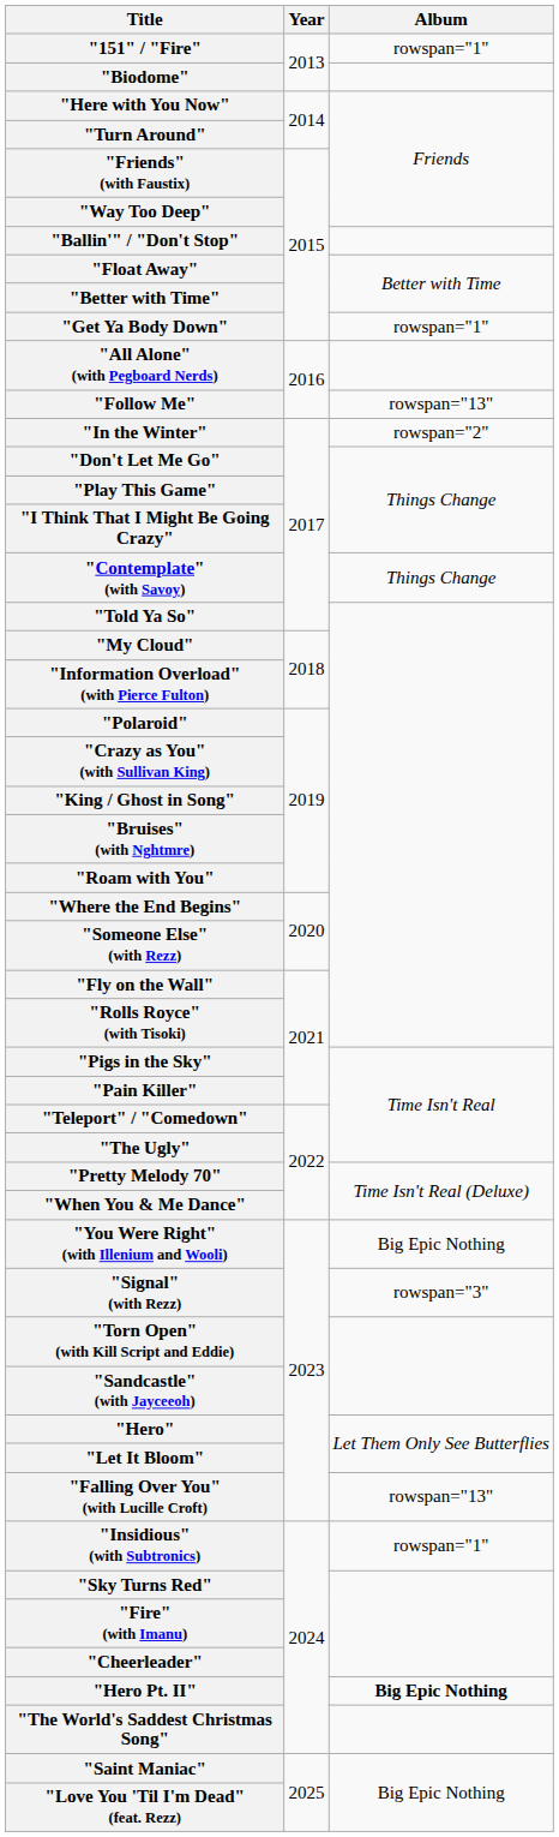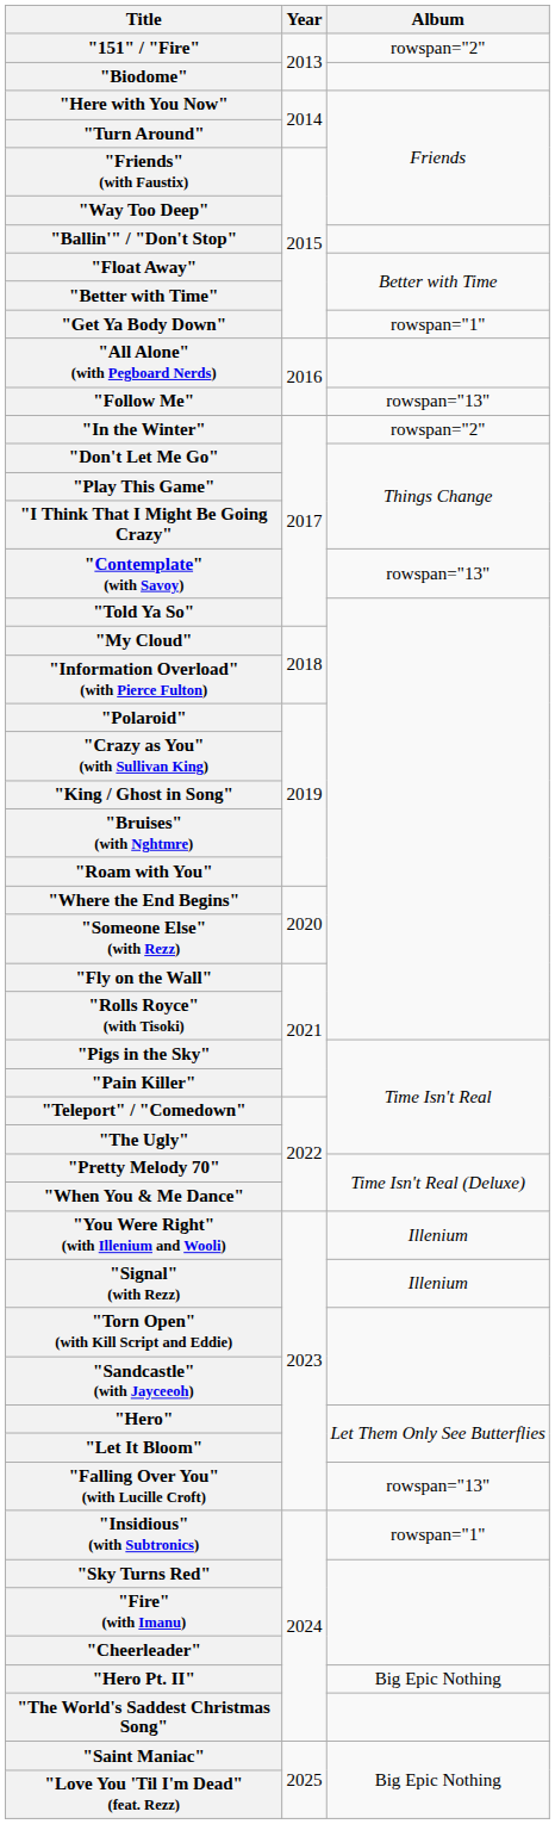 <table class="wikitable plainrowheaders" style="text-align:center;">
 <tr>
 <th scope="col" style="width:15em;">Title</th>
 <th scope="col">Year</th>
 <th scope="col" style="width:12em;">Album</th>
 </tr>
 <tr>
 <th scope="row">"151" / "Fire"</th>
 <td rowspan="2">2013</td>
-<td>rowspan="1" </td>
+<td>rowspan="2" </td>
 </tr>
 <tr>
 <th scope="row">"Biodome"</th>
 </tr>
 <tr>
 <th scope="row">"Here with You Now"</th>
 <td rowspan="2">2014</td>
 <td rowspan="4"><em>Friends</em></td>
 </tr>
 <tr>
 <th scope="row">"Turn Around"</th>
 </tr>
 <tr>
 <th scope="row">"Friends"<br><small>(with Faustix)</small></th>
 <td rowspan="6">2015</td>
 </tr>
 <tr>
 <th scope="row">"Way Too Deep"</th>
 </tr>
 <tr>
 <th scope="row">"Ballin'" / "Don't Stop"</th>
 <td></td>
 </tr>
 <tr>
 <th scope="row">"Float Away"</th>
 <td rowspan="2"><em>Better with Time</em></td>
 </tr>
 <tr>
 <th scope="row">"Better with Time"</th>
 </tr>
 <tr>
 <th scope="row">"Get Ya Body Down"</th>
 <td>rowspan="1" </td>
 </tr>
 <tr>
 <th scope="row">"All Alone"<br><small>(with <a href='#'>Pegboard Nerds</a>)</small></th>
 <td rowspan="2">2016</td>
 </tr>
 <tr>
 <th scope="row">"Follow Me"</th>
 <td>rowspan="13" </td>
 </tr>
 <tr>
 <th scope="row">"In the Winter"</th>
 <td rowspan="6">2017</td>
 <td>rowspan="2" </td>
 </tr>
 <tr>
 <th scope="row">"Don't Let Me Go"</th>
 <td rowspan="3"><em>Things Change</em></td>
 </tr>
 <tr>
 <th scope="row">"Play This Game"</th>
 </tr>
 <tr>
 <th scope="row">"I Think That I Might Be Going Crazy"</th>
 </tr>
 <tr>
 <th scope="row">"<a href='#'>Contemplate</a>"<br><small>(with <a href='#'>Savoy</a>)</small></th>
-<td><em>Things Change</em></td>
+<td>rowspan="13" </td>
 </tr>
 <tr>
 <th scope="row">"Told Ya So"</th>
 </tr>
 <tr>
 <th scope="row">"My Cloud"</th>
 <td rowspan="2">2018</td>
 </tr>
 <tr>
 <th scope="row">"Information Overload"<br><small>(with <a href='#'>Pierce Fulton</a>)</small></th>
 </tr>
 <tr>
 <th scope="row">"Polaroid"</th>
 <td rowspan="5">2019</td>
 </tr>
 <tr>
 <th scope="row">"Crazy as You"<br><small>(with <a href='#'>Sullivan King</a>)</small></th>
 </tr>
 <tr>
 <th scope="row">"King / Ghost in Song"</th>
 </tr>
 <tr>
 <th scope="row">"Bruises"<br><small>(with <a href='#'>Nghtmre</a>)</small></th>
 </tr>
 <tr>
 <th scope="row">"Roam with You"</th>
 </tr>
 <tr>
 <th scope="row">"Where the End Begins"</th>
 <td rowspan="2">2020</td>
 </tr>
 <tr>
 <th scope="row">"Someone Else"<br><small>(with <a href='#'>Rezz</a>)</small></th>
 </tr>
 <tr>
 <th scope="row">"Fly on the Wall"</th>
 <td rowspan="4">2021</td>
 </tr>
 <tr>
 <th scope="row">"Rolls Royce"<br><small>(with Tisoki)</small></th>
 </tr>
 <tr>
 <th scope="row">"Pigs in the Sky"</th>
 <td rowspan="4"><em>Time Isn't Real</em></td>
 </tr>
 <tr>
 <th scope="row">"Pain Killer"</th>
 </tr>
 <tr>
 <th scope="row">"Teleport" / "Comedown"</th>
 <td rowspan="4">2022</td>
 </tr>
 <tr>
 <th scope="row">"The Ugly"</th>
 </tr>
 <tr>
 <th scope="row">"Pretty Melody 70"</th>
 <td rowspan="2"><em>Time Isn't Real (Deluxe)</em></td>
 </tr>
 <tr>
 <th scope="row">"When You & Me Dance"</th>
 </tr>
 <tr>
 <th scope="row">"You Were Right"<br><small>(with <a href='#'>Illenium</a> and <a href='#'>Wooli</a>)</small></th>
 <td rowspan="7">2023</td>
-<td>Big Epic Nothing</td>
+<td><em>Illenium</em></td>
 </tr>
 <tr>
 <th scope="row">"Signal"<br><small>(with Rezz)</small></th>
-<td>rowspan="3" </td>
+<td><em>Illenium</em></td>
 </tr>
 <tr>
 <th scope="row">"Torn Open"<br><small>(with Kill Script and Eddie)</small></th>
 </tr>
 <tr>
 <th scope="row">"Sandcastle"<br><small>(with <a href='#'>Jayceeoh</a>)</small></th>
 </tr>
 <tr>
 <th scope="row">"Hero"</th>
 <td rowspan="2"><em>Let Them Only See Butterflies</em></td>
 </tr>
 <tr>
 <th scope="row">"Let It Bloom"</th>
 </tr>
 <tr>
 <th scope="row">"Falling Over You"<br><small>(with Lucille Croft)</small></th>
 <td>rowspan="13" </td>
 </tr>
 <tr>
 <th scope="row">"Insidious"<br><small>(with <a href='#'>Subtronics</a>)</small></th>
 <td rowspan="6">2024</td>
 <td>rowspan="1" </td>
 </tr>
 <tr>
 <th scope="row">"Sky Turns Red"</th>
 </tr>
 <tr>
 <th scope="row">"Fire"<br><small>(with <a href='#'>Imanu</a>)</small></th>
 </tr>
 <tr>
 <th scope="row">"Cheerleader"</th>
 </tr>
 <tr>
 <th scope="row">"Hero Pt. II"</th>
-<td><strong>Big Epic Nothing</strong></td>
+<td>Big Epic Nothing</td>
 </tr>
 <tr>
 <th scope="row">"The World's Saddest Christmas Song"</th>
 <td></td>
 </tr>
 <tr>
 <th scope="row">"Saint Maniac"</th>
 <td rowspan="2">2025</td>
 <td rowspan="2">Big Epic Nothing</td>
 </tr>
 <tr>
 <th scope="row">"Love You 'Til I'm Dead"<br><small>(feat. Rezz)</small></th>
 </tr>
 </table>
